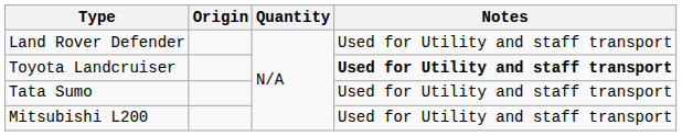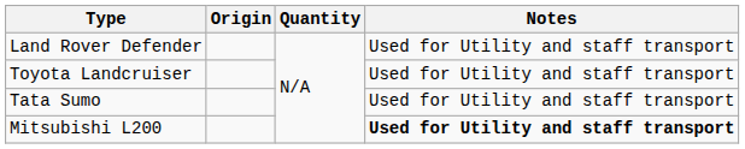 <table class="wikitable">
 <tr>
 <th>Type</th>
 <th>Origin</th>
 <th>Quantity</th>
 <th>Notes</th>
 </tr>
 <tr>
 <td>Land Rover Defender</td>
 <td></td>
 <td rowspan="4">N/A</td>
 <td>Used for Utility and staff transport</td>
 </tr>
 <tr>
 <td>Toyota Landcruiser</td>
 <td></td>
-<td><strong>Used for Utility and staff transport</strong></td>
+<td>Used for Utility and staff transport</td>
 </tr>
 <tr>
 <td>Tata Sumo</td>
 <td></td>
 <td>Used for Utility and staff transport</td>
 </tr>
 <tr>
 <td>Mitsubishi L200</td>
 <td></td>
-<td>Used for Utility and staff transport</td>
+<td><strong>Used for Utility and staff transport</strong></td>
 </tr>
 </table>
